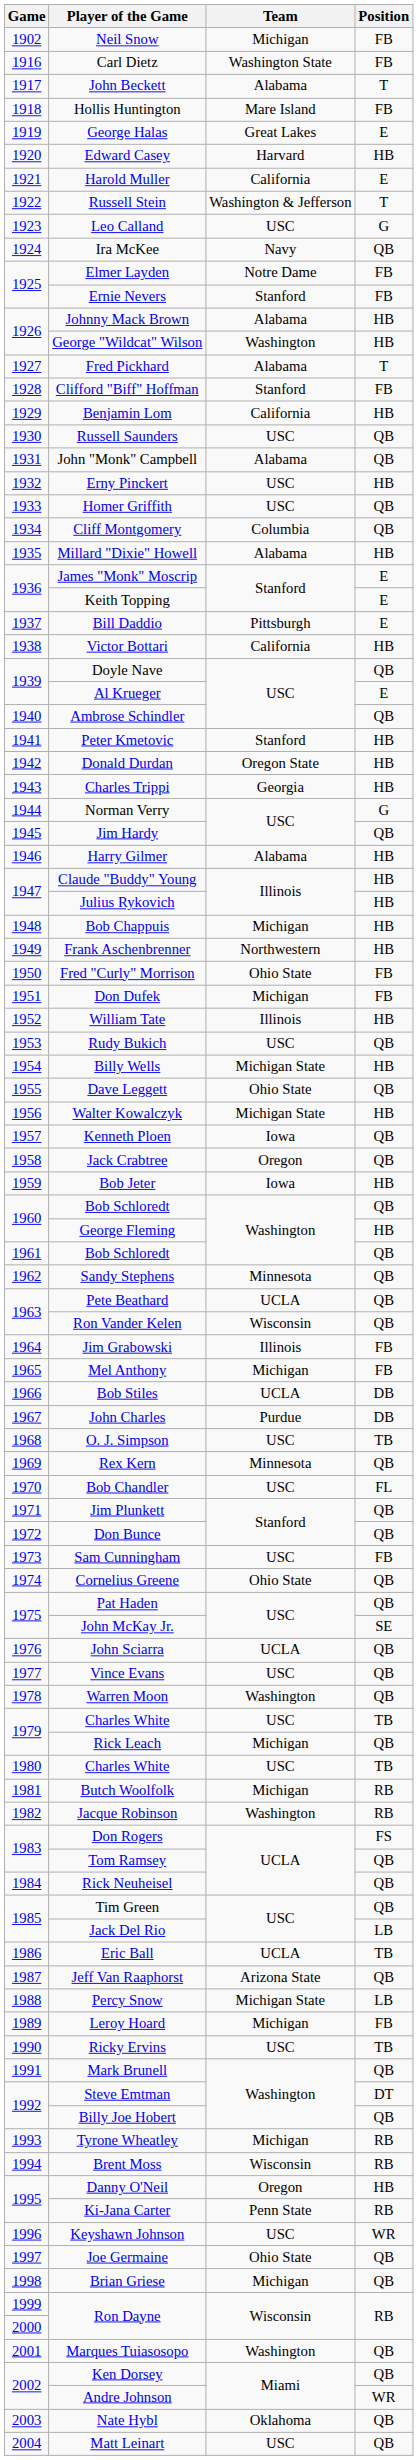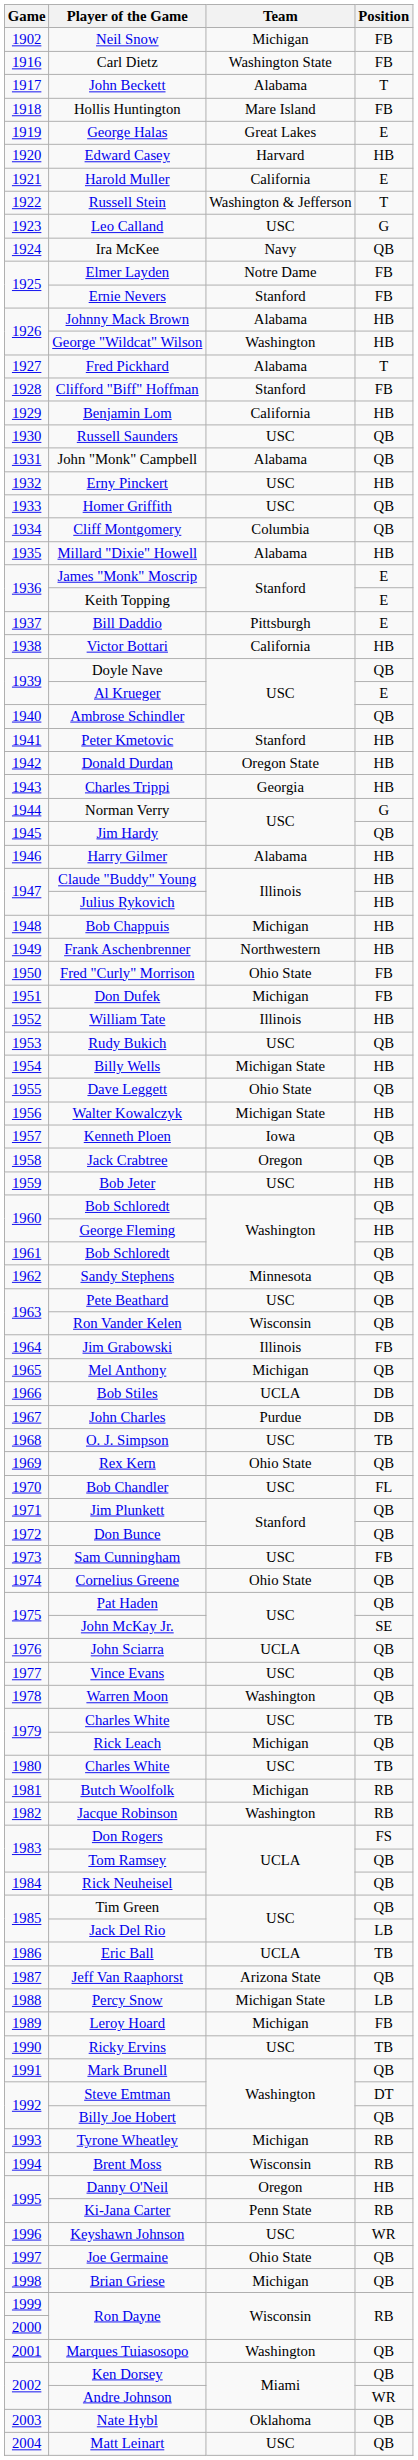 <table class="wikitable mw-collapsible mw-collapsed" style="text-align:center">
 <tr>
 <th>Game</th>
 <th>Player of the Game</th>
 <th>Team</th>
 <th>Position</th>
 </tr>
 <tr>
 <td><a href='#'>1902</a></td>
 <td><a href='#'>Neil Snow</a></td>
 <td>Michigan</td>
 <td>FB</td>
 </tr>
 <tr>
 <td><a href='#'>1916</a></td>
 <td>Carl Dietz</td>
 <td>Washington State</td>
 <td>FB</td>
 </tr>
 <tr>
 <td><a href='#'>1917</a></td>
 <td><a href='#'>John Beckett</a></td>
 <td>Alabama</td>
 <td>T</td>
 </tr>
 <tr>
 <td><a href='#'>1918</a></td>
 <td>Hollis Huntington</td>
 <td>Mare Island</td>
 <td>FB</td>
 </tr>
 <tr>
 <td><a href='#'>1919</a></td>
 <td><a href='#'>George Halas</a></td>
 <td>Great Lakes</td>
 <td>E</td>
 </tr>
 <tr>
 <td><a href='#'>1920</a></td>
 <td><a href='#'>Edward Casey</a></td>
 <td>Harvard</td>
 <td>HB</td>
 </tr>
 <tr>
 <td><a href='#'>1921</a></td>
 <td><a href='#'>Harold Muller</a></td>
 <td>California</td>
 <td>E</td>
 </tr>
 <tr>
 <td><a href='#'>1922</a></td>
 <td><a href='#'>Russell Stein</a></td>
 <td>Washington & Jefferson</td>
 <td>T</td>
 </tr>
 <tr>
 <td><a href='#'>1923</a></td>
 <td><a href='#'>Leo Calland</a></td>
 <td>USC</td>
 <td>G</td>
 </tr>
 <tr>
 <td><a href='#'>1924</a></td>
 <td>Ira McKee</td>
 <td>Navy</td>
 <td>QB</td>
 </tr>
 <tr>
 <td rowspan=2><a href='#'>1925</a></td>
 <td><a href='#'>Elmer Layden</a></td>
 <td>Notre Dame</td>
 <td>FB</td>
 </tr>
 <tr>
 <td><a href='#'>Ernie Nevers</a></td>
 <td>Stanford</td>
 <td>FB</td>
 </tr>
 <tr>
 <td rowspan=2><a href='#'>1926</a></td>
 <td><a href='#'>Johnny Mack Brown</a></td>
 <td>Alabama</td>
 <td>HB</td>
 </tr>
 <tr>
 <td><a href='#'>George "Wildcat" Wilson</a></td>
 <td>Washington</td>
 <td>HB</td>
 </tr>
 <tr>
 <td><a href='#'>1927</a></td>
 <td><a href='#'>Fred Pickhard</a></td>
 <td>Alabama</td>
 <td>T</td>
 </tr>
 <tr>
 <td><a href='#'>1928</a></td>
 <td><a href='#'>Clifford "Biff" Hoffman</a></td>
 <td>Stanford</td>
 <td>FB</td>
 </tr>
 <tr>
 <td><a href='#'>1929</a></td>
 <td><a href='#'>Benjamin Lom</a></td>
 <td>California</td>
 <td>HB</td>
 </tr>
 <tr>
 <td><a href='#'>1930</a></td>
 <td><a href='#'>Russell Saunders</a></td>
 <td>USC</td>
 <td>QB</td>
 </tr>
 <tr>
 <td><a href='#'>1931</a></td>
 <td>John "Monk" Campbell</td>
 <td>Alabama</td>
 <td>QB</td>
 </tr>
 <tr>
 <td><a href='#'>1932</a></td>
 <td><a href='#'>Erny Pinckert</a></td>
 <td>USC</td>
 <td>HB</td>
 </tr>
 <tr>
 <td><a href='#'>1933</a></td>
 <td><a href='#'>Homer Griffith</a></td>
 <td>USC</td>
 <td>QB</td>
 </tr>
 <tr>
 <td><a href='#'>1934</a></td>
 <td><a href='#'>Cliff Montgomery</a></td>
 <td>Columbia</td>
 <td>QB</td>
 </tr>
 <tr>
 <td><a href='#'>1935</a></td>
 <td><a href='#'>Millard "Dixie" Howell</a></td>
 <td>Alabama</td>
 <td>HB</td>
 </tr>
 <tr>
 <td rowspan=2><a href='#'>1936</a></td>
 <td><a href='#'>James "Monk" Moscrip</a></td>
 <td rowspan="2">Stanford</td>
 <td>E</td>
 </tr>
 <tr>
 <td>Keith Topping</td>
 <td>E</td>
 </tr>
 <tr>
 <td><a href='#'>1937</a></td>
 <td><a href='#'>Bill Daddio</a></td>
 <td>Pittsburgh</td>
 <td>E</td>
 </tr>
 <tr>
 <td><a href='#'>1938</a></td>
 <td><a href='#'>Victor Bottari</a></td>
 <td>California</td>
 <td>HB</td>
 </tr>
 <tr>
 <td rowspan=2><a href='#'>1939</a></td>
 <td>Doyle Nave</td>
 <td rowspan="3">USC</td>
 <td>QB</td>
 </tr>
 <tr>
 <td><a href='#'>Al Krueger</a></td>
 <td>E</td>
 </tr>
 <tr>
 <td><a href='#'>1940</a></td>
 <td><a href='#'>Ambrose Schindler</a></td>
 <td>QB</td>
 </tr>
 <tr>
 <td><a href='#'>1941</a></td>
 <td><a href='#'>Peter Kmetovic</a></td>
 <td>Stanford</td>
 <td>HB</td>
 </tr>
 <tr>
 <td><a href='#'>1942</a></td>
 <td><a href='#'>Donald Durdan</a></td>
 <td>Oregon State</td>
 <td>HB</td>
 </tr>
 <tr>
 <td><a href='#'>1943</a></td>
 <td><a href='#'>Charles Trippi</a></td>
 <td>Georgia</td>
 <td>HB</td>
 </tr>
 <tr>
 <td><a href='#'>1944</a></td>
 <td>Norman Verry</td>
 <td rowspan="2">USC</td>
 <td>G</td>
 </tr>
 <tr>
 <td><a href='#'>1945</a></td>
 <td><a href='#'>Jim Hardy</a></td>
 <td>QB</td>
 </tr>
 <tr>
 <td><a href='#'>1946</a></td>
 <td><a href='#'>Harry Gilmer</a></td>
 <td>Alabama</td>
 <td>HB</td>
 </tr>
 <tr>
 <td rowspan=2><a href='#'>1947</a></td>
 <td><a href='#'>Claude "Buddy" Young</a></td>
 <td rowspan="2">Illinois</td>
 <td>HB</td>
 </tr>
 <tr>
 <td><a href='#'>Julius Rykovich</a></td>
 <td>HB</td>
 </tr>
 <tr>
 <td><a href='#'>1948</a></td>
 <td><a href='#'>Bob Chappuis</a></td>
 <td>Michigan</td>
 <td>HB</td>
 </tr>
 <tr>
 <td><a href='#'>1949</a></td>
 <td><a href='#'>Frank Aschenbrenner</a></td>
 <td>Northwestern</td>
 <td>HB</td>
 </tr>
 <tr>
 <td><a href='#'>1950</a></td>
 <td><a href='#'>Fred "Curly" Morrison</a></td>
 <td>Ohio State</td>
 <td>FB</td>
 </tr>
 <tr>
 <td><a href='#'>1951</a></td>
 <td><a href='#'>Don Dufek</a></td>
 <td>Michigan</td>
 <td>FB</td>
 </tr>
 <tr>
 <td><a href='#'>1952</a></td>
 <td><a href='#'>William Tate</a></td>
 <td>Illinois</td>
 <td>HB</td>
 </tr>
 <tr>
 <td><a href='#'>1953</a></td>
 <td><a href='#'>Rudy Bukich</a></td>
 <td>USC</td>
 <td>QB</td>
 </tr>
 <tr>
 <td><a href='#'>1954</a></td>
 <td><a href='#'>Billy Wells</a></td>
 <td>Michigan State</td>
 <td>HB</td>
 </tr>
 <tr>
 <td><a href='#'>1955</a></td>
 <td><a href='#'>Dave Leggett</a></td>
 <td>Ohio State</td>
 <td>QB</td>
 </tr>
 <tr>
 <td><a href='#'>1956</a></td>
 <td><a href='#'>Walter Kowalczyk</a></td>
 <td>Michigan State</td>
 <td>HB</td>
 </tr>
 <tr>
 <td><a href='#'>1957</a></td>
 <td><a href='#'>Kenneth Ploen</a></td>
 <td>Iowa</td>
 <td>QB</td>
 </tr>
 <tr>
 <td><a href='#'>1958</a></td>
 <td><a href='#'>Jack Crabtree</a></td>
 <td>Oregon</td>
 <td>QB</td>
 </tr>
 <tr>
 <td><a href='#'>1959</a></td>
 <td><a href='#'>Bob Jeter</a></td>
-<td>Iowa</td>
+<td>USC</td>
 <td>HB</td>
 </tr>
 <tr>
 <td rowspan=2><a href='#'>1960</a></td>
 <td><a href='#'>Bob Schloredt</a></td>
 <td rowspan="3">Washington</td>
 <td>QB</td>
 </tr>
 <tr>
 <td><a href='#'>George Fleming</a></td>
 <td>HB</td>
 </tr>
 <tr>
 <td><a href='#'>1961</a></td>
 <td><a href='#'>Bob Schloredt</a></td>
 <td>QB</td>
 </tr>
 <tr>
 <td><a href='#'>1962</a></td>
 <td><a href='#'>Sandy Stephens</a></td>
 <td>Minnesota</td>
 <td>QB</td>
 </tr>
 <tr>
 <td rowspan=2><a href='#'>1963</a></td>
 <td><a href='#'>Pete Beathard</a></td>
-<td>UCLA</td>
+<td>USC</td>
 <td>QB</td>
 </tr>
 <tr>
 <td><a href='#'>Ron Vander Kelen</a></td>
 <td>Wisconsin</td>
 <td>QB</td>
 </tr>
 <tr>
 <td><a href='#'>1964</a></td>
 <td><a href='#'>Jim Grabowski</a></td>
 <td>Illinois</td>
 <td>FB</td>
 </tr>
 <tr>
 <td><a href='#'>1965</a></td>
 <td><a href='#'>Mel Anthony</a></td>
 <td>Michigan</td>
-<td>FB</td>
+<td>QB</td>
 </tr>
 <tr>
 <td><a href='#'>1966</a></td>
 <td><a href='#'>Bob Stiles</a></td>
 <td>UCLA</td>
 <td>DB</td>
 </tr>
 <tr>
 <td><a href='#'>1967</a></td>
 <td><a href='#'>John Charles</a></td>
 <td>Purdue</td>
 <td>DB</td>
 </tr>
 <tr>
 <td><a href='#'>1968</a></td>
 <td><a href='#'>O. J. Simpson</a></td>
 <td>USC</td>
 <td>TB</td>
 </tr>
 <tr>
 <td><a href='#'>1969</a></td>
 <td><a href='#'>Rex Kern</a></td>
-<td>Minnesota</td>
+<td>Ohio State</td>
 <td>QB</td>
 </tr>
 <tr>
 <td><a href='#'>1970</a></td>
 <td><a href='#'>Bob Chandler</a></td>
 <td>USC</td>
 <td>FL</td>
 </tr>
 <tr>
 <td><a href='#'>1971</a></td>
 <td><a href='#'>Jim Plunkett</a></td>
 <td rowspan="2">Stanford</td>
 <td>QB</td>
 </tr>
 <tr>
 <td><a href='#'>1972</a></td>
 <td><a href='#'>Don Bunce</a></td>
 <td>QB</td>
 </tr>
 <tr>
 <td><a href='#'>1973</a></td>
 <td><a href='#'>Sam Cunningham</a></td>
 <td>USC</td>
 <td>FB</td>
 </tr>
 <tr>
 <td><a href='#'>1974</a></td>
 <td><a href='#'>Cornelius Greene</a></td>
 <td>Ohio State</td>
 <td>QB</td>
 </tr>
 <tr>
 <td rowspan=2><a href='#'>1975</a></td>
 <td><a href='#'>Pat Haden</a></td>
 <td rowspan="2">USC</td>
 <td>QB</td>
 </tr>
 <tr>
 <td><a href='#'>John McKay Jr.</a></td>
 <td>SE</td>
 </tr>
 <tr>
 <td><a href='#'>1976</a></td>
 <td><a href='#'>John Sciarra</a></td>
 <td>UCLA</td>
 <td>QB</td>
 </tr>
 <tr>
 <td><a href='#'>1977</a></td>
 <td><a href='#'>Vince Evans</a></td>
 <td>USC</td>
 <td>QB</td>
 </tr>
 <tr>
 <td><a href='#'>1978</a></td>
 <td><a href='#'>Warren Moon</a></td>
 <td>Washington</td>
 <td>QB</td>
 </tr>
 <tr>
 <td rowspan=2><a href='#'>1979</a></td>
 <td><a href='#'>Charles White</a></td>
 <td>USC</td>
 <td>TB</td>
 </tr>
 <tr>
 <td><a href='#'>Rick Leach</a></td>
 <td>Michigan</td>
 <td>QB</td>
 </tr>
 <tr>
 <td><a href='#'>1980</a></td>
 <td><a href='#'>Charles White</a></td>
 <td>USC</td>
 <td>TB</td>
 </tr>
 <tr>
 <td><a href='#'>1981</a></td>
 <td><a href='#'>Butch Woolfolk</a></td>
 <td>Michigan</td>
 <td>RB</td>
 </tr>
 <tr>
 <td><a href='#'>1982</a></td>
 <td><a href='#'>Jacque Robinson</a></td>
 <td>Washington</td>
 <td>RB</td>
 </tr>
 <tr>
 <td rowspan=2><a href='#'>1983</a></td>
 <td><a href='#'>Don Rogers</a></td>
 <td rowspan="3">UCLA</td>
 <td>FS</td>
 </tr>
 <tr>
 <td><a href='#'>Tom Ramsey</a></td>
 <td>QB</td>
 </tr>
 <tr>
 <td><a href='#'>1984</a></td>
 <td><a href='#'>Rick Neuheisel</a></td>
 <td>QB</td>
 </tr>
 <tr>
 <td rowspan=2><a href='#'>1985</a></td>
 <td>Tim Green</td>
 <td rowspan="2">USC</td>
 <td>QB</td>
 </tr>
 <tr>
 <td><a href='#'>Jack Del Rio</a></td>
 <td>LB</td>
 </tr>
 <tr>
 <td><a href='#'>1986</a></td>
 <td><a href='#'>Eric Ball</a></td>
 <td>UCLA</td>
 <td>TB</td>
 </tr>
 <tr>
 <td><a href='#'>1987</a></td>
 <td><a href='#'>Jeff Van Raaphorst</a></td>
 <td>Arizona State</td>
 <td>QB</td>
 </tr>
 <tr>
 <td><a href='#'>1988</a></td>
 <td><a href='#'>Percy Snow</a></td>
 <td>Michigan State</td>
 <td>LB</td>
 </tr>
 <tr>
 <td><a href='#'>1989</a></td>
 <td><a href='#'>Leroy Hoard</a></td>
 <td>Michigan</td>
 <td>FB</td>
 </tr>
 <tr>
 <td><a href='#'>1990</a></td>
 <td><a href='#'>Ricky Ervins</a></td>
 <td>USC</td>
 <td>TB</td>
 </tr>
 <tr>
 <td><a href='#'>1991</a></td>
 <td><a href='#'>Mark Brunell</a></td>
 <td rowspan="3">Washington</td>
 <td>QB</td>
 </tr>
 <tr>
 <td rowspan=2><a href='#'>1992</a></td>
 <td><a href='#'>Steve Emtman</a></td>
 <td>DT</td>
 </tr>
 <tr>
 <td><a href='#'>Billy Joe Hobert</a></td>
 <td>QB</td>
 </tr>
 <tr>
 <td><a href='#'>1993</a></td>
 <td><a href='#'>Tyrone Wheatley</a></td>
 <td>Michigan</td>
 <td>RB</td>
 </tr>
 <tr>
 <td><a href='#'>1994</a></td>
 <td><a href='#'>Brent Moss</a></td>
 <td>Wisconsin</td>
 <td>RB</td>
 </tr>
 <tr>
 <td rowspan=2><a href='#'>1995</a></td>
 <td><a href='#'>Danny O'Neil</a></td>
 <td>Oregon</td>
 <td>HB</td>
 </tr>
 <tr>
 <td><a href='#'>Ki-Jana Carter</a></td>
 <td>Penn State</td>
 <td>RB</td>
 </tr>
 <tr>
 <td><a href='#'>1996</a></td>
 <td><a href='#'>Keyshawn Johnson</a></td>
 <td>USC</td>
 <td>WR</td>
 </tr>
 <tr>
 <td><a href='#'>1997</a></td>
 <td><a href='#'>Joe Germaine</a></td>
 <td>Ohio State</td>
 <td>QB</td>
 </tr>
 <tr>
 <td><a href='#'>1998</a></td>
 <td><a href='#'>Brian Griese</a></td>
 <td>Michigan</td>
 <td>QB</td>
 </tr>
 <tr>
 <td><a href='#'>1999</a></td>
 <td rowspan="2"><a href='#'>Ron Dayne</a></td>
 <td rowspan="2">Wisconsin</td>
 <td rowspan="2">RB</td>
 </tr>
 <tr>
 <td><a href='#'>2000</a></td>
 </tr>
 <tr>
 <td><a href='#'>2001</a></td>
 <td><a href='#'>Marques Tuiasosopo</a></td>
 <td>Washington</td>
 <td>QB</td>
 </tr>
 <tr>
 <td rowspan=2><a href='#'>2002</a></td>
 <td><a href='#'>Ken Dorsey</a></td>
 <td rowspan="2">Miami</td>
 <td>QB</td>
 </tr>
 <tr>
 <td><a href='#'>Andre Johnson</a></td>
 <td>WR</td>
 </tr>
 <tr>
 <td><a href='#'>2003</a></td>
 <td><a href='#'>Nate Hybl</a></td>
 <td>Oklahoma</td>
 <td>QB</td>
 </tr>
 <tr>
 <td><a href='#'>2004</a></td>
 <td><a href='#'>Matt Leinart</a></td>
 <td>USC</td>
 <td>QB</td>
 </tr>
 </table>
